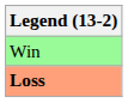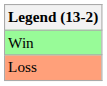 <table class="wikitable"  style="font-size:89%;">
 <tr>
 <th>Legend (13-2)</th>
 </tr>
 <tr style="background:#98fb98;"|Win>
 <td>Win</td>
 </tr>
 <tr style="background:#ffa07a;"|Loss>
-<td><strong>Loss</strong></td>
+<td>Loss</td>
 </tr>
 </table>
